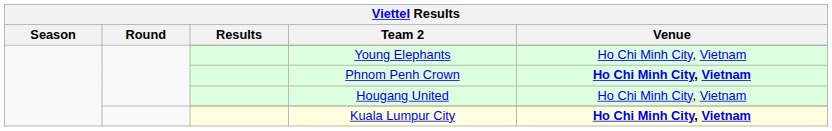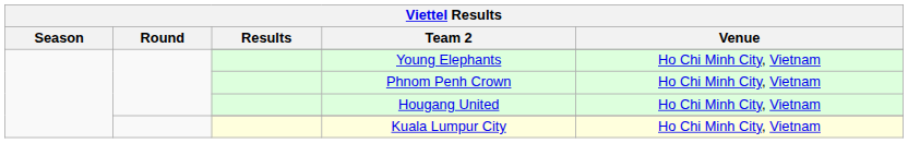 <table width=65% class="wikitable sortable" style="text-align:center">
 <tr>
 <th colspan=6><a href='#'>Viettel</a> Results</th>
 </tr>
 <tr>
 <th>Season</th>
 <th>Round</th>
 <th>Results</th>
 <th>Team 2</th>
 <th>Venue</th>
 </tr>
 <tr>
 <td rowspan=7></td>
 <td rowspan=4></td>
 </tr>
 <tr style="background:#ddffdd">
 <td><strong></strong></td>
 <td> <a href='#'>Young Elephants</a></td>
 <td> <a href='#'>Ho Chi Minh City</a>, <a href='#'>Vietnam</a></td>
 </tr>
 <tr style="background:#ddffdd">
 <td><strong></strong></td>
 <td> <a href='#'>Phnom Penh Crown</a></td>
-<td><strong> <a href='#'>Ho Chi Minh City</a>, <a href='#'>Vietnam</a></strong></td>
+<td> <a href='#'>Ho Chi Minh City</a>, <a href='#'>Vietnam</a></td>
 </tr>
 <tr style="background:#ddffdd">
 <td><strong></strong></td>
 <td> <a href='#'>Hougang United</a></td>
 <td> <a href='#'>Ho Chi Minh City</a>, <a href='#'>Vietnam</a></td>
 </tr>
 <tr>
 <td rowspan=2></td>
 </tr>
 <tr style="background:#ffffdd">
 <td><strong></strong></td>
 <td> <a href='#'>Kuala Lumpur City</a></td>
-<td><strong> <a href='#'>Ho Chi Minh City</a>, <a href='#'>Vietnam</a></strong></td>
+<td> <a href='#'>Ho Chi Minh City</a>, <a href='#'>Vietnam</a></td>
 </tr>
 </table>
